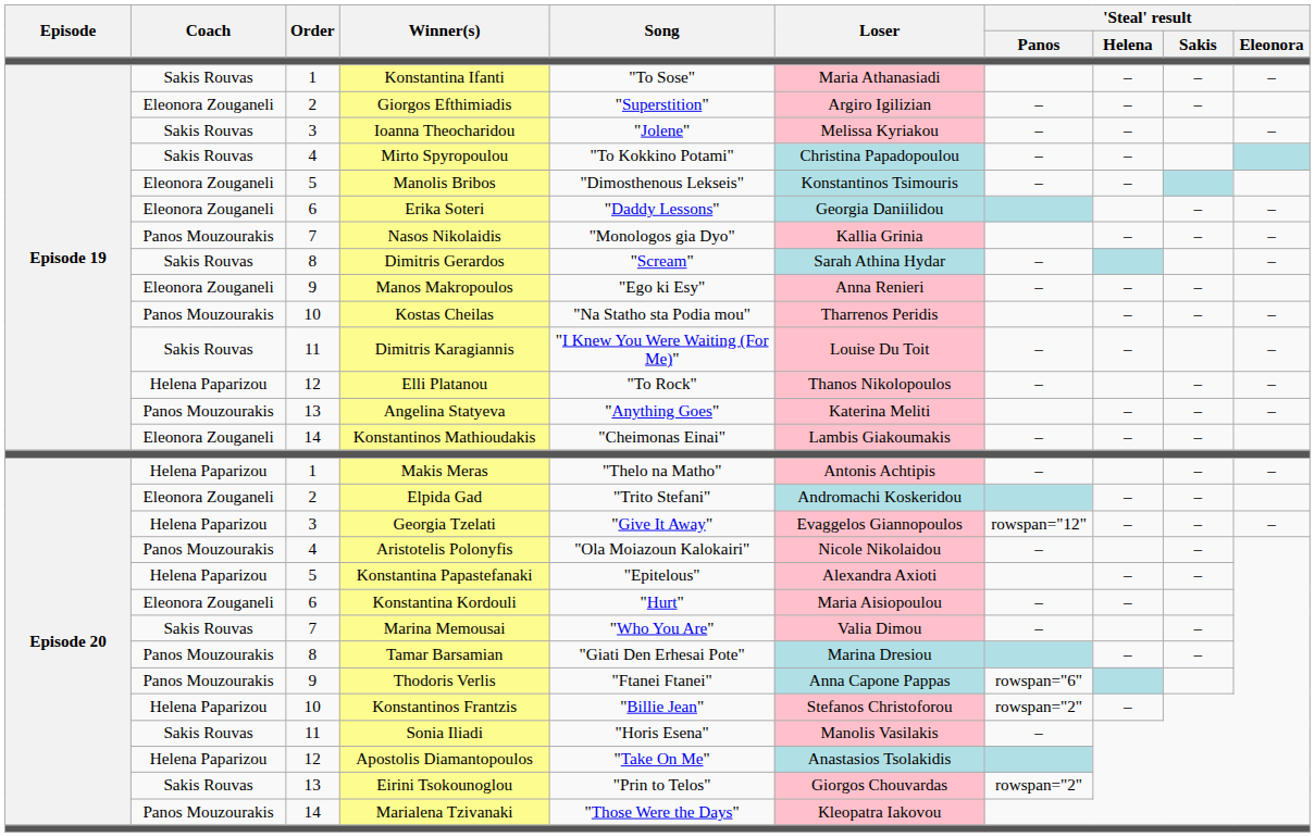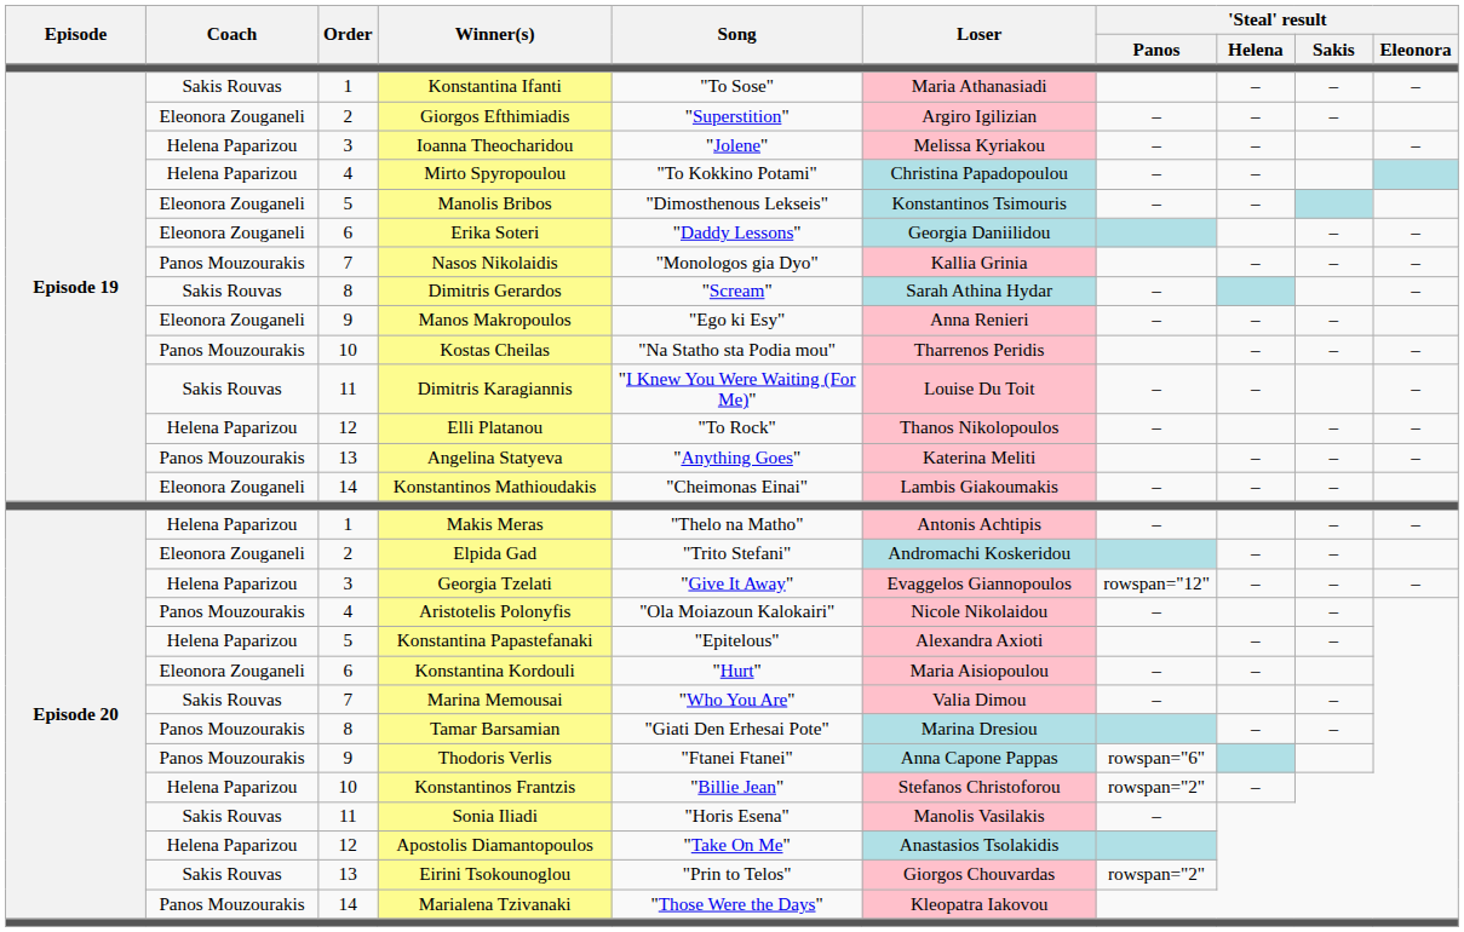 <table class="wikitable" style="text-align: center; width:100%;">
 <tr>
 <th rowspan="2" style="width:09%;">Episode</th>
 <th rowspan="2" style="width:11%;">Coach</th>
 <th rowspan="2" style="width:02%;">Order</th>
 <th rowspan="2" style="width:15%;">Winner(s)</th>
 <th rowspan="2" style="width:16%;">Song</th>
 <th rowspan="2" style="width:15%;">Loser</th>
 <th colspan="4" style="width:20%;">'Steal' result</th>
 </tr>
 <tr>
 <th style="width:05%;">Panos</th>
 <th style="width:05%;">Helena</th>
 <th style="width:05%;">Sakis</th>
 <th style="width:05%;">Eleonora</th>
 </tr>
 <tr>
 <td colspan="10" style="background:#555;"></td>
 </tr>
 <tr>
 <th rowspan="14">Episode 19<br><small></small></th>
 <td>Sakis Rouvas</td>
 <td>1</td>
 <td style="background:#fdfc8f;text-align:center;">Konstantina Ifanti</td>
 <td>"To Sose"</td>
 <td style="background:pink;text-align:center;">Maria Athanasiadi</td>
 <td></td>
 <td>–</td>
 <td>–</td>
 <td>–</td>
 </tr>
 <tr>
 <td>Eleonora Zouganeli</td>
 <td>2</td>
 <td style="background:#fdfc8f;text-align:center;">Giorgos Efthimiadis</td>
 <td>"<a href='#'>Superstition</a>"</td>
 <td style="background:pink;text-align:center;">Argiro Igilizian</td>
 <td>–</td>
 <td>–</td>
 <td>–</td>
 <td></td>
 </tr>
 <tr>
-<td>Sakis Rouvas</td>
+<td>Helena Paparizou</td>
 <td>3</td>
 <td style="background:#fdfc8f;text-align:center;">Ioanna Theocharidou</td>
 <td>"<a href='#'>Jolene</a>"</td>
 <td style="background:pink;text-align:center;">Melissa Kyriakou</td>
 <td>–</td>
 <td>–</td>
 <td></td>
 <td>–</td>
 </tr>
 <tr>
-<td>Sakis Rouvas</td>
+<td>Helena Paparizou</td>
 <td>4</td>
 <td style="background:#fdfc8f;text-align:center;">Mirto Spyropoulou</td>
 <td>"To Kokkino Potami"</td>
 <td style="background:#b0e0e6;text-align:center;">Christina Papadopoulou</td>
 <td>–</td>
 <td>–</td>
 <td></td>
 <td style="background:#b0e0e6;text-align:center;"></td>
 </tr>
 <tr>
 <td>Eleonora Zouganeli</td>
 <td>5</td>
 <td style="background:#fdfc8f;text-align:center;">Manolis Bribos</td>
 <td>"Dimosthenous Lekseis"</td>
 <td style="background:#b0e0e6;text-align:center;">Konstantinos Tsimouris</td>
 <td>–</td>
 <td>–</td>
 <td style="background:#b0e0e6;text-align:center;"></td>
 <td></td>
 </tr>
 <tr>
 <td>Eleonora Zouganeli</td>
 <td>6</td>
 <td style="background:#fdfc8f;text-align:center;">Erika Soteri</td>
 <td>"<a href='#'>Daddy Lessons</a>"</td>
 <td style="background:#b0e0e6;text-align:center;">Georgia Daniilidou</td>
 <td style="background:#b0e0e6;text-align:center;"></td>
 <td></td>
 <td>–</td>
 <td>–</td>
 </tr>
 <tr>
 <td>Panos Mouzourakis</td>
 <td>7</td>
 <td style="background:#fdfc8f;text-align:center;">Nasos Nikolaidis</td>
 <td>"Monologos gia Dyo"</td>
 <td style="background:pink;text-align:center;">Kallia Grinia</td>
 <td></td>
 <td>–</td>
 <td>–</td>
 <td>–</td>
 </tr>
 <tr>
 <td>Sakis Rouvas</td>
 <td>8</td>
 <td style="background:#fdfc8f;text-align:center;">Dimitris Gerardos</td>
 <td>"<a href='#'>Scream</a>"</td>
 <td style="background:#b0e0e6;text-align:center;">Sarah Athina Hydar</td>
 <td>–</td>
 <td style="background:#b0e0e6;text-align:center;"></td>
 <td></td>
 <td>–</td>
 </tr>
 <tr>
 <td>Eleonora Zouganeli</td>
 <td>9</td>
 <td style="background:#fdfc8f;text-align:center;">Manos Makropoulos</td>
 <td>"Ego ki Esy"</td>
 <td style="background:pink;text-align:center;">Anna Renieri</td>
 <td>–</td>
 <td>–</td>
 <td>–</td>
 <td></td>
 </tr>
 <tr>
 <td>Panos Mouzourakis</td>
 <td>10</td>
 <td style="background:#fdfc8f;text-align:center;">Kostas Cheilas</td>
 <td>"Na Statho sta Podia mou"</td>
 <td style="background:pink;text-align:center;">Tharrenos Peridis</td>
 <td></td>
 <td>–</td>
 <td>–</td>
 <td>–</td>
 </tr>
 <tr>
 <td>Sakis Rouvas</td>
 <td>11</td>
 <td style="background:#fdfc8f;text-align:center;">Dimitris Karagiannis</td>
 <td>"<a href='#'>I Knew You Were Waiting (For Me)</a>"</td>
 <td style="background:pink;text-align:center;">Louise Du Toit</td>
 <td>–</td>
 <td>–</td>
 <td></td>
 <td>–</td>
 </tr>
 <tr>
 <td>Helena Paparizou</td>
 <td>12</td>
 <td style="background:#fdfc8f;text-align:center;">Elli Platanou</td>
 <td>"To Rock"</td>
 <td style="background:pink;text-align:center;">Thanos Nikolopoulos</td>
 <td>–</td>
 <td></td>
 <td>–</td>
 <td>–</td>
 </tr>
 <tr>
 <td>Panos Mouzourakis</td>
 <td>13</td>
 <td style="background:#fdfc8f;text-align:center;">Angelina Statyeva</td>
 <td>"<a href='#'>Anything Goes</a>"</td>
 <td style="background:pink;text-align:center;">Katerina Meliti</td>
 <td></td>
 <td>–</td>
 <td>–</td>
 <td>–</td>
 </tr>
 <tr>
 <td>Eleonora Zouganeli</td>
 <td>14</td>
 <td style="background:#fdfc8f;text-align:center;">Konstantinos Mathioudakis</td>
 <td>"Cheimonas Einai"</td>
 <td style="background:pink;text-align:center;">Lambis Giakoumakis</td>
 <td>–</td>
 <td>–</td>
 <td>–</td>
 <td></td>
 </tr>
 <tr>
 <td colspan="10" style="background:#555;"></td>
 </tr>
 <tr>
 <th rowspan="14">Episode 20<br><small></small></th>
 <td>Helena Paparizou</td>
 <td>1</td>
 <td style="background:#fdfc8f;text-align:center;">Makis Meras</td>
 <td>"Thelo na Matho"</td>
 <td style="background:pink;text-align:center;">Antonis Achtipis</td>
 <td>–</td>
 <td></td>
 <td>–</td>
 <td>–</td>
 </tr>
 <tr>
 <td>Eleonora Zouganeli</td>
 <td>2</td>
 <td style="background:#fdfc8f;text-align:center;">Elpida Gad</td>
 <td>"Trito Stefani"</td>
 <td style="background:#b0e0e6;text-align:center;">Andromachi Koskeridou</td>
 <td style="background:#b0e0e6;text-align:center;"></td>
 <td>–</td>
 <td>–</td>
 <td></td>
 </tr>
 <tr>
 <td>Helena Paparizou</td>
 <td>3</td>
 <td style="background:#fdfc8f;text-align:center;">Georgia Tzelati</td>
 <td>"<a href='#'>Give It Away</a>"</td>
 <td style="background:pink;text-align:center;">Evaggelos Giannopoulos</td>
 <td>rowspan="12" </td>
 <td>–</td>
 <td>–</td>
 <td>–</td>
 </tr>
 <tr>
 <td>Panos Mouzourakis</td>
 <td>4</td>
 <td style="background:#fdfc8f;text-align:center;">Aristotelis Polonyfis</td>
 <td>"Ola Moiazoun Kalokairi"</td>
 <td style="background:pink;text-align:center;">Nicole Nikolaidou</td>
 <td>–</td>
 <td></td>
 <td>–</td>
 </tr>
 <tr>
 <td>Helena Paparizou</td>
 <td>5</td>
 <td style="background:#fdfc8f;text-align:center;">Konstantina Papastefanaki</td>
 <td>"Epitelous"</td>
 <td style="background:pink;text-align:center;">Alexandra Axioti</td>
 <td></td>
 <td>–</td>
 <td>–</td>
 </tr>
 <tr>
 <td>Eleonora Zouganeli</td>
 <td>6</td>
 <td style="background:#fdfc8f;text-align:center;">Konstantina Kordouli</td>
 <td>"<a href='#'>Hurt</a>"</td>
 <td style="background:pink;text-align:center;">Maria Aisiopoulou</td>
 <td>–</td>
 <td>–</td>
 <td></td>
 </tr>
 <tr>
 <td>Sakis Rouvas</td>
 <td>7</td>
 <td style="background:#fdfc8f;text-align:center;">Marina Memousai</td>
 <td>"<a href='#'>Who You Are</a>"</td>
 <td style="background:pink;text-align:center;">Valia Dimou</td>
 <td>–</td>
 <td></td>
 <td>–</td>
 </tr>
 <tr>
 <td>Panos Mouzourakis</td>
 <td>8</td>
 <td style="background:#fdfc8f;text-align:center;">Tamar Barsamian</td>
 <td>"Giati Den Erhesai Pote"</td>
 <td style="background:#b0e0e6;text-align:center;">Marina Dresiou</td>
 <td style="background:#b0e0e6;text-align:center;"></td>
 <td>–</td>
 <td>–</td>
 </tr>
 <tr>
 <td>Panos Mouzourakis</td>
 <td>9</td>
 <td style="background:#fdfc8f;text-align:center;">Thodoris Verlis</td>
 <td>"Ftanei Ftanei"</td>
 <td style="background:#b0e0e6;text-align:center;">Anna Capone Pappas</td>
 <td>rowspan="6" </td>
 <td style="background:#b0e0e6;text-align:center;"></td>
 <td></td>
 </tr>
 <tr>
 <td>Helena Paparizou</td>
 <td>10</td>
 <td style="background:#fdfc8f;text-align:center;">Konstantinos Frantzis</td>
 <td>"<a href='#'>Billie Jean</a>"</td>
 <td style="background:pink;text-align:center;">Stefanos Christoforou</td>
 <td>rowspan="2" </td>
 <td>–</td>
 </tr>
 <tr>
 <td>Sakis Rouvas</td>
 <td>11</td>
 <td style="background:#fdfc8f;text-align:center;">Sonia Iliadi</td>
 <td>"Horis Esena"</td>
 <td style="background:pink;text-align:center;">Manolis Vasilakis</td>
 <td>–</td>
 </tr>
 <tr>
 <td>Helena Paparizou</td>
 <td>12</td>
 <td style="background:#fdfc8f;text-align:center;">Apostolis Diamantopoulos</td>
 <td>"<a href='#'>Take On Me</a>"</td>
 <td style="background:#b0e0e6;text-align:center;">Anastasios Tsolakidis</td>
 <td style="background:#b0e0e6;text-align:center;"></td>
 </tr>
 <tr>
 <td>Sakis Rouvas</td>
 <td>13</td>
 <td style="background:#fdfc8f;text-align:center;">Eirini Tsokounoglou</td>
 <td>"Prin to Telos"</td>
 <td style="background:pink;text-align:center;">Giorgos Chouvardas</td>
 <td>rowspan="2" </td>
 </tr>
 <tr>
 <td>Panos Mouzourakis</td>
 <td>14</td>
 <td style="background:#fdfc8f;text-align:center;">Marialena Tzivanaki</td>
 <td>"<a href='#'>Those Were the Days</a>"</td>
 <td style="background:pink;text-align:center;">Kleopatra Iakovou</td>
 </tr>
 <tr>
 <td colspan="10" style="background:#555;"></td>
 </tr>
 </table>
